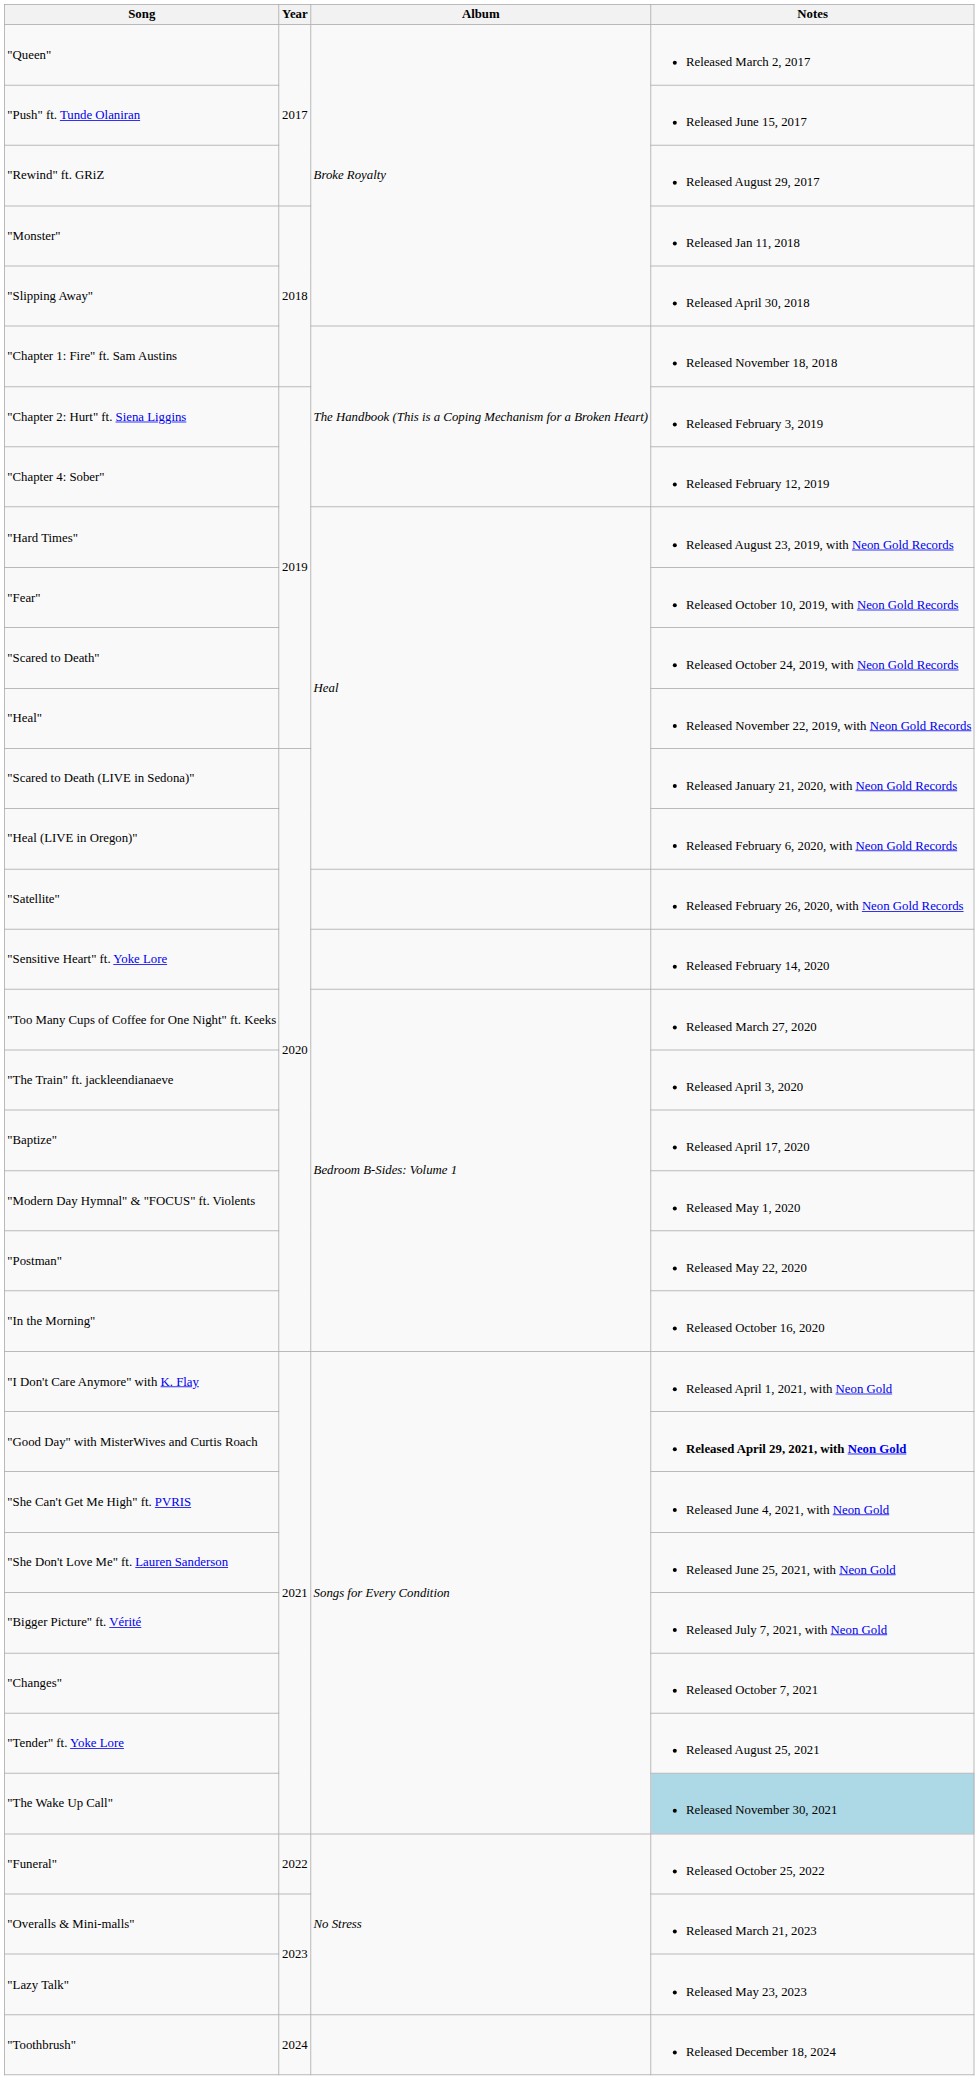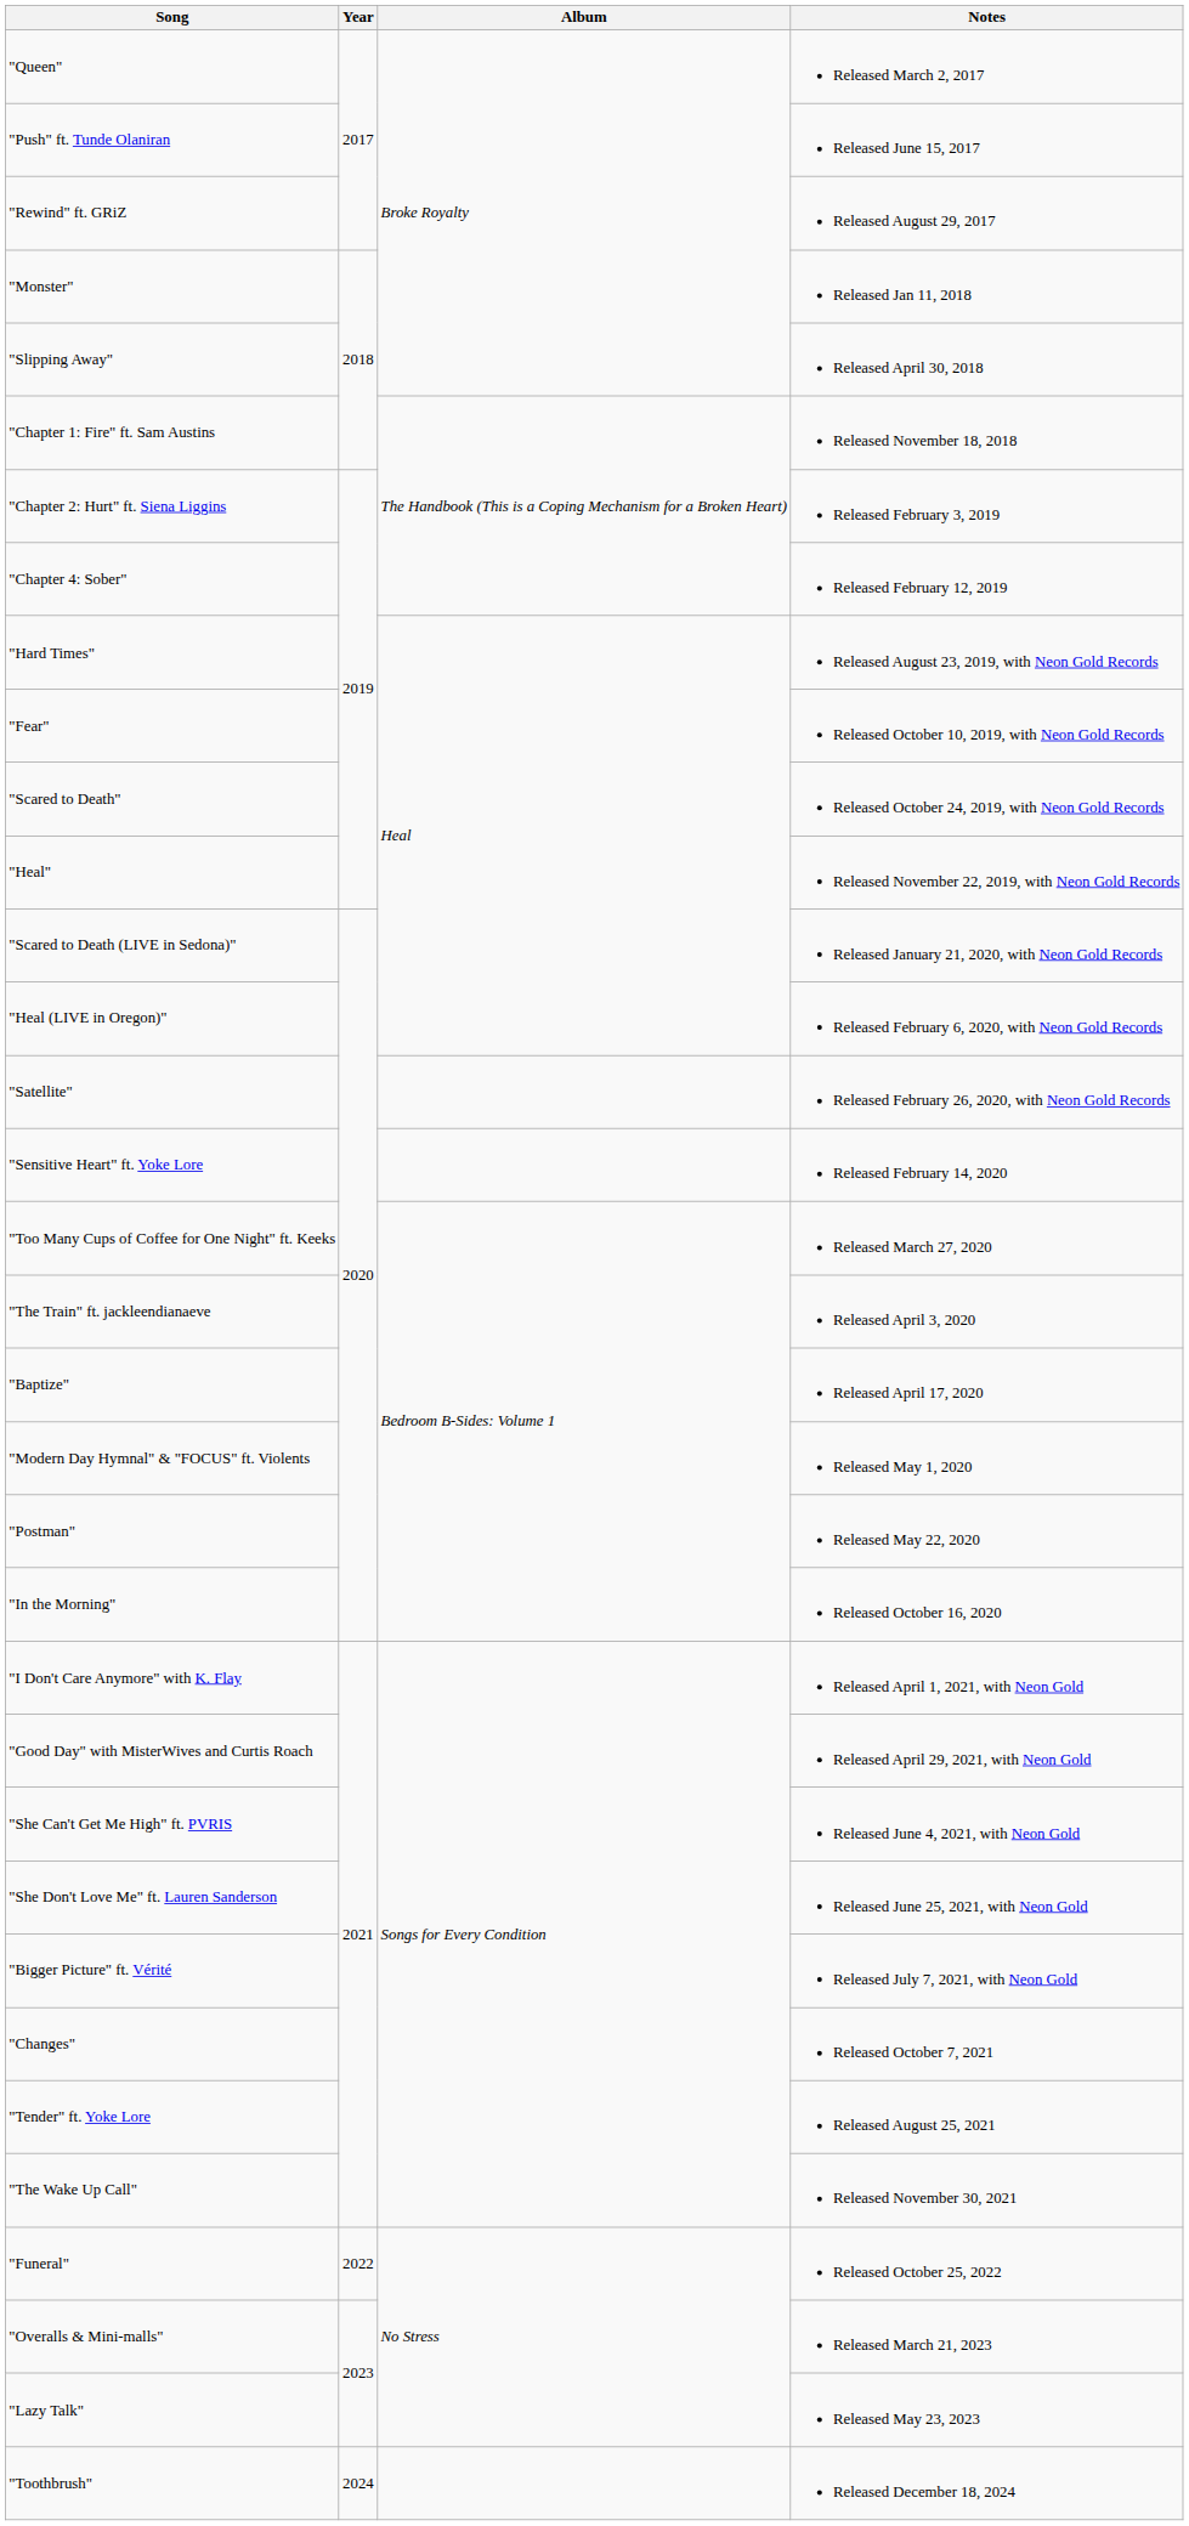 <table class="wikitable">
 <tr>
 <th>Song</th>
 <th>Year</th>
 <th>Album</th>
 <th>Notes</th>
 </tr>
 <tr>
 <td>"Queen"</td>
 <td rowspan="3">2017</td>
 <td rowspan="5"><em>Broke Royalty</em></td>
 <td><br><ul><li>Released March 2, 2017</li></ul></td>
 </tr>
 <tr>
 <td>"Push" ft. <a href='#'>Tunde Olaniran</a></td>
 <td><br><ul><li>Released June 15, 2017</li></ul></td>
 </tr>
 <tr>
 <td>"Rewind" ft. GRiZ</td>
 <td><br><ul><li>Released August 29, 2017</li></ul></td>
 </tr>
 <tr>
 <td>"Monster"</td>
 <td rowspan="3">2018</td>
 <td><br><ul><li>Released Jan 11, 2018</li></ul></td>
 </tr>
 <tr>
 <td>"Slipping Away"</td>
 <td><br><ul><li>Released April 30, 2018</li></ul></td>
 </tr>
 <tr>
 <td>"Chapter 1: Fire" ft. Sam Austins</td>
 <td rowspan="3"><em>The Handbook (This is a Coping Mechanism for  a Broken Heart)</em></td>
 <td><br><ul><li>Released November 18, 2018</li></ul></td>
 </tr>
 <tr>
 <td>"Chapter 2: Hurt" ft. <a href='#'>Siena Liggins</a></td>
 <td rowspan="6">2019</td>
 <td><br><ul><li>Released February 3, 2019</li></ul></td>
 </tr>
 <tr>
 <td>"Chapter 4: Sober"</td>
 <td><br><ul><li>Released February 12, 2019</li></ul></td>
 </tr>
 <tr>
 <td>"Hard Times"</td>
 <td rowspan="6"><em>Heal</em></td>
 <td><br><ul><li>Released August 23, 2019, with <a href='#'>Neon Gold Records</a></li></ul></td>
 </tr>
 <tr>
 <td>"Fear"</td>
 <td><br><ul><li>Released October 10, 2019, with <a href='#'>Neon Gold Records</a></li></ul></td>
 </tr>
 <tr>
 <td>"Scared to Death"</td>
 <td><br><ul><li>Released October 24, 2019, with <a href='#'>Neon Gold Records</a></li></ul></td>
 </tr>
 <tr>
 <td>"Heal"</td>
 <td><br><ul><li>Released November 22, 2019, with <a href='#'>Neon Gold Records</a></li></ul></td>
 </tr>
 <tr>
 <td>"Scared to Death (LIVE in Sedona)"</td>
 <td rowspan="10">2020</td>
 <td><br><ul><li>Released January 21, 2020, with <a href='#'>Neon Gold Records</a></li></ul></td>
 </tr>
 <tr>
 <td>"Heal (LIVE in Oregon)"</td>
 <td><br><ul><li>Released February 6, 2020, with <a href='#'>Neon Gold Records</a></li></ul></td>
 </tr>
 <tr>
 <td>"Satellite"</td>
 <td></td>
 <td><br><ul><li>Released February 26, 2020, with <a href='#'>Neon Gold Records</a></li></ul></td>
 </tr>
 <tr>
 <td>"Sensitive Heart" ft. <a href='#'>Yoke Lore</a></td>
 <td></td>
 <td><br><ul><li>Released February 14, 2020</li></ul></td>
 </tr>
 <tr>
 <td>"Too Many Cups of Coffee for One Night" ft. Keeks</td>
 <td rowspan="6"><em>Bedroom B-Sides: Volume 1</em></td>
 <td><br><ul><li>Released March 27, 2020</li></ul></td>
 </tr>
 <tr>
 <td>"The Train" ft. jackleendianaeve</td>
 <td><br><ul><li>Released April 3, 2020</li></ul></td>
 </tr>
 <tr>
 <td>"Baptize"</td>
 <td><br><ul><li>Released April 17, 2020</li></ul></td>
 </tr>
 <tr>
 <td>"Modern Day Hymnal" & "FOCUS" ft. Violents</td>
 <td><br><ul><li>Released May 1, 2020</li></ul></td>
 </tr>
 <tr>
 <td>"Postman"</td>
 <td><br><ul><li>Released May 22, 2020</li></ul></td>
 </tr>
 <tr>
 <td>"In the Morning"</td>
 <td><br><ul><li>Released October 16, 2020</li></ul></td>
 </tr>
 <tr>
 <td>"I Don't Care Anymore" with <a href='#'>K. Flay</a></td>
 <td rowspan="8">2021</td>
 <td rowspan="8"><em>Songs for Every Condition</em></td>
 <td><br><ul><li>Released April 1, 2021, with <a href='#'>Neon Gold</a></li></ul></td>
 </tr>
 <tr>
 <td>"Good Day" with MisterWives and Curtis Roach</td>
-<td><strong><br><ul><li>Released April 29, 2021, with <a href='#'>Neon Gold</a></li></ul></strong></td>
+<td><br><ul><li>Released April 29, 2021, with <a href='#'>Neon Gold</a></li></ul></td>
 </tr>
 <tr>
 <td>"She Can't Get Me High" ft. <a href='#'>PVRIS</a></td>
 <td><br><ul><li>Released June 4, 2021, with <a href='#'>Neon Gold</a></li></ul></td>
 </tr>
 <tr>
 <td>"She Don't Love Me" ft. <a href='#'>Lauren Sanderson</a></td>
 <td><br><ul><li>Released June 25, 2021, with <a href='#'>Neon Gold</a></li></ul></td>
 </tr>
 <tr>
 <td>"Bigger Picture" ft. <a href='#'>Vérité</a></td>
 <td><br><ul><li>Released July 7, 2021, with <a href='#'>Neon Gold</a></li></ul></td>
 </tr>
 <tr>
 <td>"Changes"</td>
 <td><br><ul><li>Released October 7, 2021</li></ul></td>
 </tr>
 <tr>
 <td>"Tender" ft. <a href='#'>Yoke Lore</a></td>
 <td><br><ul><li>Released August 25, 2021</li></ul></td>
 </tr>
 <tr>
 <td>"The Wake Up Call"</td>
-<td style="background: lightblue;"><br><ul><li>Released November 30, 2021</li></ul></td>
+<td><br><ul><li>Released November 30, 2021</li></ul></td>
 </tr>
 <tr>
 <td>"Funeral"</td>
 <td>2022</td>
 <td rowspan="3"><em>No Stress</em></td>
 <td><br><ul><li>Released October 25, 2022</li></ul></td>
 </tr>
 <tr>
 <td>"Overalls & Mini-malls"</td>
 <td rowspan="2">2023</td>
 <td><br><ul><li>Released March 21, 2023</li></ul></td>
 </tr>
 <tr>
 <td>"Lazy Talk"</td>
 <td><br><ul><li>Released May 23, 2023</li></ul></td>
 </tr>
 <tr>
 <td>"Toothbrush"</td>
 <td>2024</td>
 <td></td>
 <td><br><ul><li>Released December 18, 2024</li></ul></td>
 </tr>
 </table>
